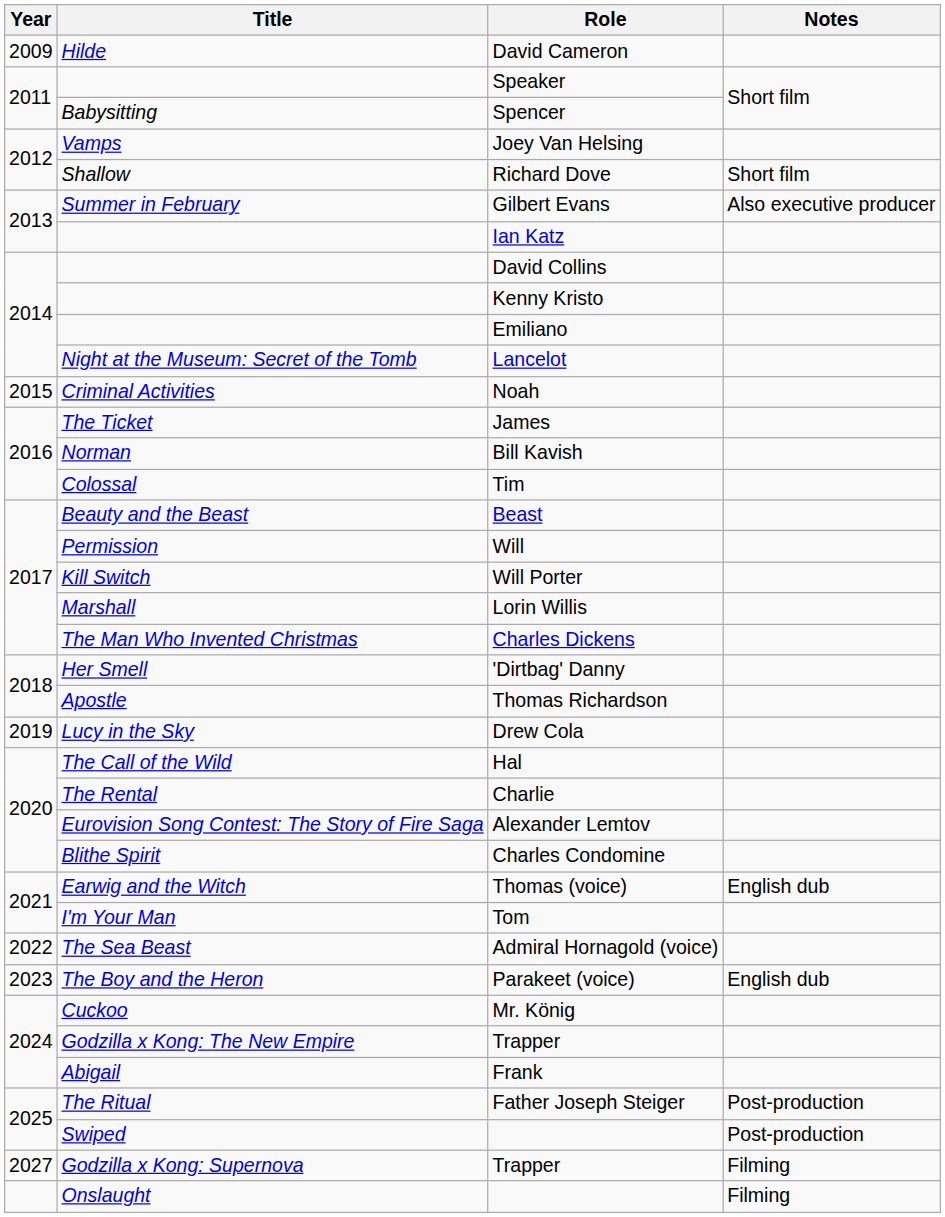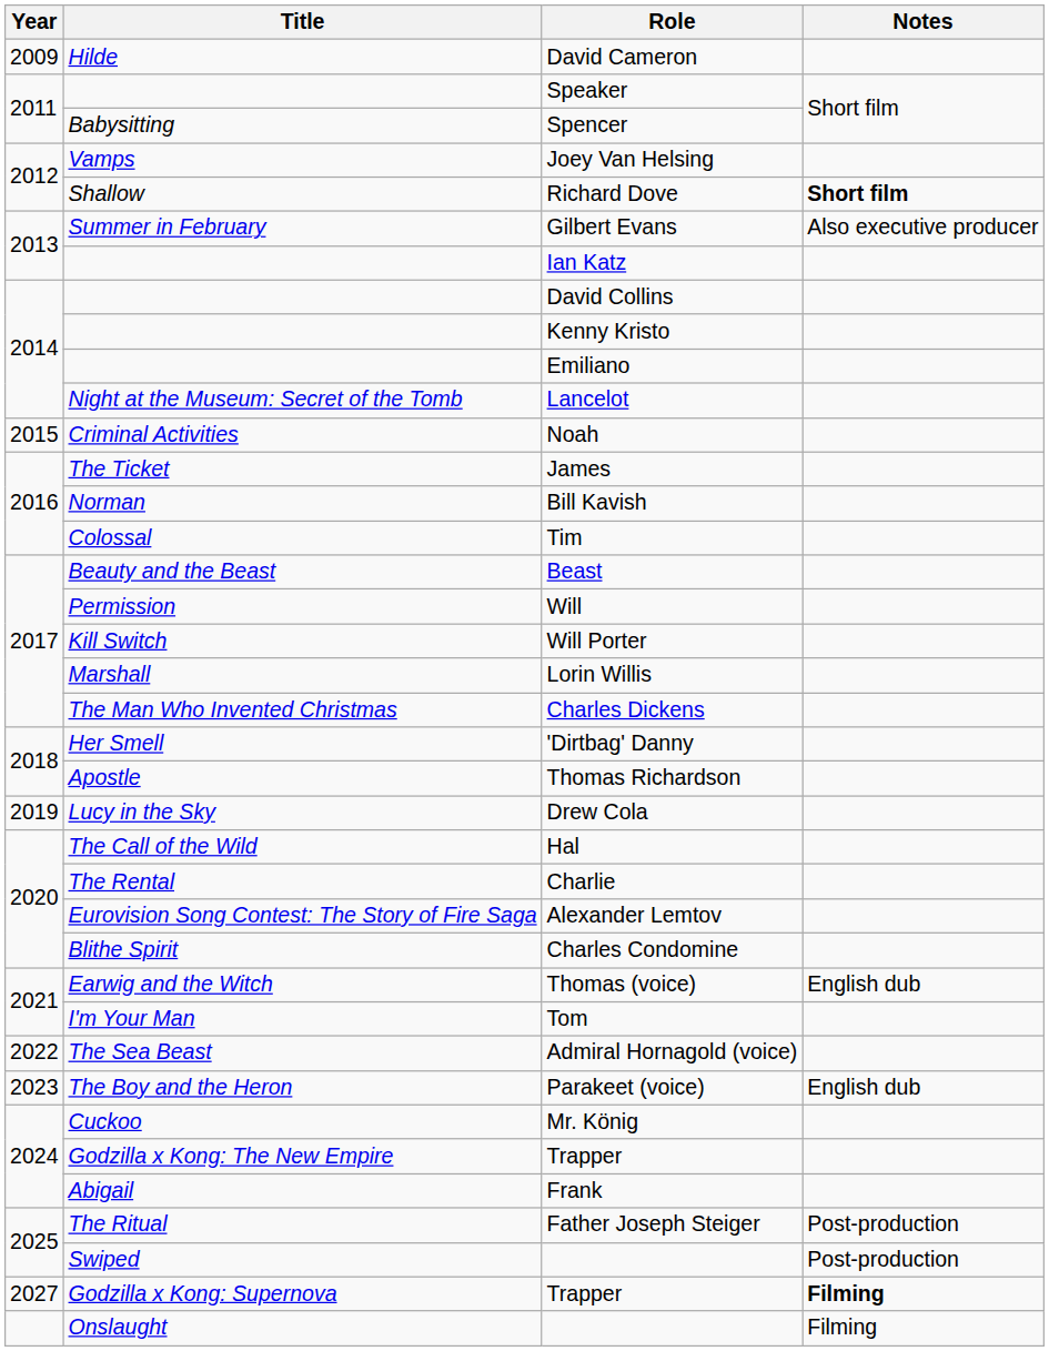 <table class="wikitable sortable">
 <tr>
 <th>Year</th>
 <th>Title</th>
 <th>Role</th>
 <th class="unsortable">Notes</th>
 </tr>
 <tr>
 <td>2009</td>
 <td><em><a href='#'>Hilde</a></em></td>
 <td>David Cameron</td>
 <td></td>
 </tr>
 <tr>
 <td rowspan="2">2011</td>
 <td><em></em></td>
 <td>Speaker</td>
 <td rowspan="2">Short film</td>
 </tr>
 <tr>
 <td><em>Babysitting</em></td>
 <td>Spencer</td>
 </tr>
 <tr>
 <td rowspan="2">2012</td>
 <td><em><a href='#'>Vamps</a></em></td>
 <td>Joey Van Helsing</td>
 <td></td>
 </tr>
 <tr>
 <td><em>Shallow</em></td>
 <td>Richard Dove</td>
-<td>Short film</td>
+<td><strong>Short film</strong></td>
 </tr>
 <tr>
 <td rowspan="2">2013</td>
 <td><em><a href='#'>Summer in February</a></em></td>
 <td>Gilbert Evans</td>
 <td>Also executive producer</td>
 </tr>
 <tr>
 <td><em></em></td>
 <td><a href='#'>Ian Katz</a></td>
 <td></td>
 </tr>
 <tr>
 <td rowspan="4">2014</td>
 <td><em></em></td>
 <td>David Collins</td>
 <td></td>
 </tr>
 <tr>
 <td><em></em></td>
 <td>Kenny Kristo</td>
 <td></td>
 </tr>
 <tr>
 <td><em></em></td>
 <td>Emiliano</td>
 <td></td>
 </tr>
 <tr>
 <td><em><a href='#'>Night at the Museum: Secret of the Tomb</a></em></td>
 <td><a href='#'>Lancelot</a></td>
 <td></td>
 </tr>
 <tr>
 <td>2015</td>
 <td><em><a href='#'>Criminal Activities</a></em></td>
 <td>Noah</td>
 <td></td>
 </tr>
 <tr>
 <td rowspan="3">2016</td>
 <td><em><a href='#'>The Ticket</a></em></td>
 <td>James</td>
 <td></td>
 </tr>
 <tr>
 <td><em><a href='#'>Norman</a></em></td>
 <td>Bill Kavish</td>
 <td></td>
 </tr>
 <tr>
 <td><em><a href='#'>Colossal</a></em></td>
 <td>Tim</td>
 <td></td>
 </tr>
 <tr>
 <td rowspan="5">2017</td>
 <td><em><a href='#'>Beauty and the Beast</a></em></td>
 <td><a href='#'>Beast</a></td>
 <td></td>
 </tr>
 <tr>
 <td><em><a href='#'>Permission</a></em></td>
 <td>Will</td>
 <td></td>
 </tr>
 <tr>
 <td><em><a href='#'>Kill Switch</a></em></td>
 <td>Will Porter</td>
 <td></td>
 </tr>
 <tr>
 <td><em><a href='#'>Marshall</a></em></td>
 <td>Lorin Willis</td>
 <td></td>
 </tr>
 <tr>
 <td><em><a href='#'>The Man Who Invented Christmas</a></em></td>
 <td><a href='#'>Charles Dickens</a></td>
 <td></td>
 </tr>
 <tr>
 <td rowspan="2">2018</td>
 <td><em><a href='#'>Her Smell</a></em></td>
 <td>'Dirtbag' Danny</td>
 <td></td>
 </tr>
 <tr>
 <td><em><a href='#'>Apostle</a></em></td>
 <td>Thomas Richardson</td>
 <td></td>
 </tr>
 <tr>
 <td>2019</td>
 <td><em><a href='#'>Lucy in the Sky</a></em></td>
 <td>Drew Cola</td>
 <td></td>
 </tr>
 <tr>
 <td rowspan="4">2020</td>
 <td><em><a href='#'>The Call of the Wild</a></em></td>
 <td>Hal</td>
 <td></td>
 </tr>
 <tr>
 <td><em><a href='#'>The Rental</a></em></td>
 <td>Charlie</td>
 <td></td>
 </tr>
 <tr>
 <td><em><a href='#'>Eurovision Song Contest: The Story of Fire Saga</a></em></td>
 <td>Alexander Lemtov</td>
 <td></td>
 </tr>
 <tr>
 <td><em><a href='#'>Blithe Spirit</a></em></td>
 <td>Charles Condomine</td>
 <td></td>
 </tr>
 <tr>
 <td rowspan="2">2021</td>
 <td><em><a href='#'>Earwig and the Witch</a></em></td>
 <td>Thomas (voice)</td>
 <td>English dub</td>
 </tr>
 <tr>
 <td><em><a href='#'>I'm Your Man</a></em></td>
 <td>Tom</td>
 <td></td>
 </tr>
 <tr>
 <td>2022</td>
 <td><em><a href='#'>The Sea Beast</a></em></td>
 <td>Admiral Hornagold (voice)</td>
 <td></td>
 </tr>
 <tr>
 <td>2023</td>
 <td><em><a href='#'>The Boy and the Heron</a></em></td>
 <td>Parakeet (voice)</td>
 <td>English dub</td>
 </tr>
 <tr>
 <td rowspan="3">2024</td>
 <td><em><a href='#'>Cuckoo</a></em></td>
 <td>Mr. König</td>
 <td></td>
 </tr>
 <tr>
 <td><em><a href='#'>Godzilla x Kong: The New Empire</a></em></td>
 <td>Trapper</td>
 <td></td>
 </tr>
 <tr>
 <td><em><a href='#'>Abigail</a></em></td>
 <td>Frank</td>
 <td></td>
 </tr>
 <tr>
 <td rowspan="2">2025</td>
 <td><em><a href='#'>The Ritual</a></em></td>
 <td>Father Joseph Steiger</td>
 <td>Post-production</td>
 </tr>
 <tr>
 <td><em><a href='#'>Swiped</a></em></td>
 <td></td>
 <td>Post-production</td>
 </tr>
 <tr>
 <td>2027</td>
 <td><em><a href='#'>Godzilla x Kong: Supernova</a></em></td>
 <td>Trapper</td>
-<td>Filming</td>
+<td><strong>Filming</strong></td>
 </tr>
 <tr>
 <td></td>
 <td><em><a href='#'>Onslaught</a></em></td>
 <td></td>
 <td>Filming</td>
 </tr>
 </table>
